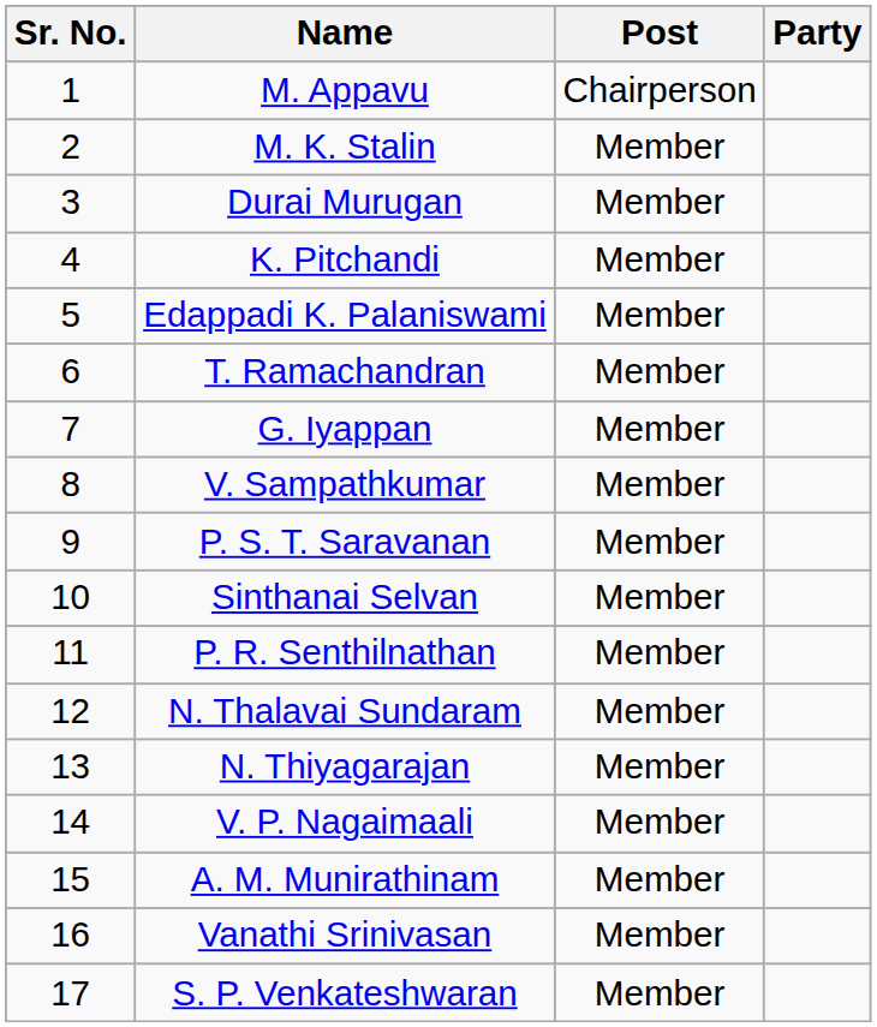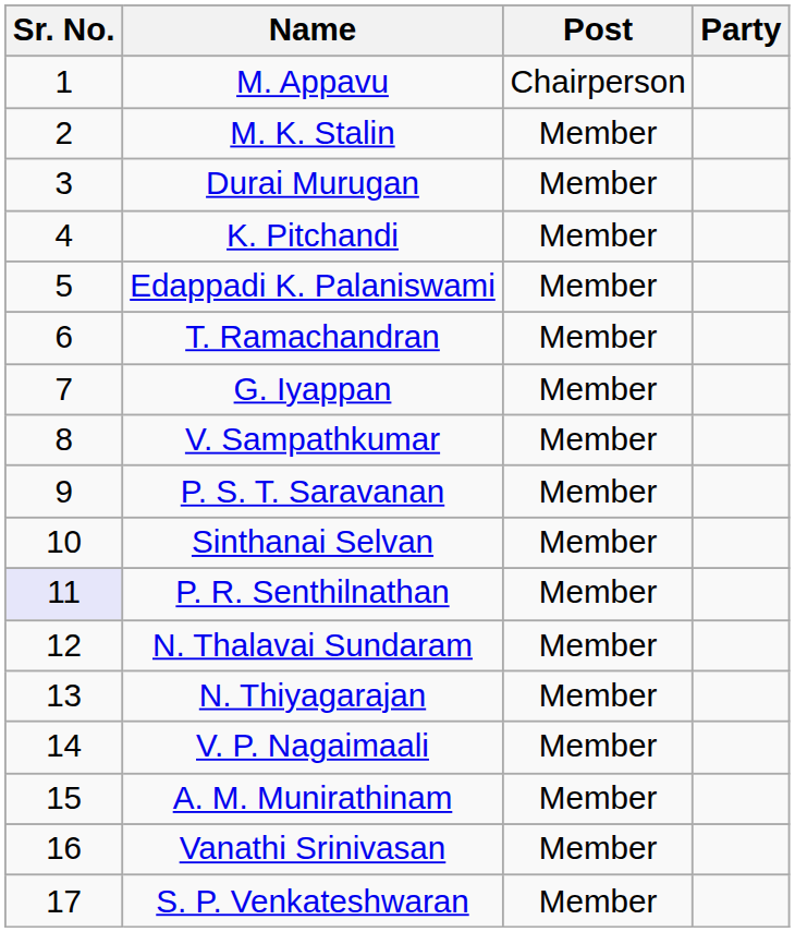 <table class="wikitable sortable">
 <tr>
 <th>Sr. No.</th>
 <th>Name</th>
 <th>Post</th>
 <th colspan="2">Party</th>
 </tr>
 <tr align="center">
 <td>1</td>
 <td><a href='#'>M. Appavu</a></td>
 <td>Chairperson</td>
 <td></td>
 </tr>
 <tr align="center">
 <td>2</td>
 <td><a href='#'>M. K. Stalin</a></td>
 <td>Member</td>
 <td></td>
 </tr>
 <tr align="center">
 <td>3</td>
 <td><a href='#'>Durai Murugan</a></td>
 <td>Member</td>
 <td></td>
 </tr>
 <tr align="center">
 <td>4</td>
 <td><a href='#'>K. Pitchandi</a></td>
 <td>Member</td>
 <td></td>
 </tr>
 <tr align="center">
 <td>5</td>
 <td><a href='#'>Edappadi K. Palaniswami</a></td>
 <td>Member</td>
 <td></td>
 </tr>
 <tr align="center">
 <td>6</td>
 <td><a href='#'>T. Ramachandran</a></td>
 <td>Member</td>
 <td></td>
 </tr>
 <tr align="center">
 <td>7</td>
 <td><a href='#'>G. Iyappan</a></td>
 <td>Member</td>
 <td></td>
 </tr>
 <tr align="center">
 <td>8</td>
 <td><a href='#'>V. Sampathkumar</a></td>
 <td>Member</td>
 <td></td>
 </tr>
 <tr align="center">
 <td>9</td>
 <td><a href='#'>P. S. T. Saravanan</a></td>
 <td>Member</td>
 <td></td>
 </tr>
 <tr align="center">
 <td>10</td>
 <td><a href='#'>Sinthanai Selvan</a></td>
 <td>Member</td>
 <td></td>
 </tr>
 <tr align="center">
-<td>11</td>
+<td style="background: lavender;">11</td>
 <td><a href='#'>P. R. Senthilnathan</a></td>
 <td>Member</td>
 <td></td>
 </tr>
 <tr align="center">
 <td>12</td>
 <td><a href='#'>N. Thalavai Sundaram</a></td>
 <td>Member</td>
 <td></td>
 </tr>
 <tr align="center">
 <td>13</td>
 <td><a href='#'>N. Thiyagarajan</a></td>
 <td>Member</td>
 <td></td>
 </tr>
 <tr align="center">
 <td>14</td>
 <td><a href='#'>V. P. Nagaimaali</a></td>
 <td>Member</td>
 <td></td>
 </tr>
 <tr align="center">
 <td>15</td>
 <td><a href='#'>A. M. Munirathinam</a></td>
 <td>Member</td>
 <td></td>
 </tr>
 <tr align="center">
 <td>16</td>
 <td><a href='#'>Vanathi Srinivasan</a></td>
 <td>Member</td>
 <td></td>
 </tr>
 <tr align="center">
 <td>17</td>
 <td><a href='#'>S. P. Venkateshwaran</a></td>
 <td>Member</td>
 <td></td>
 </tr>
 </table>
